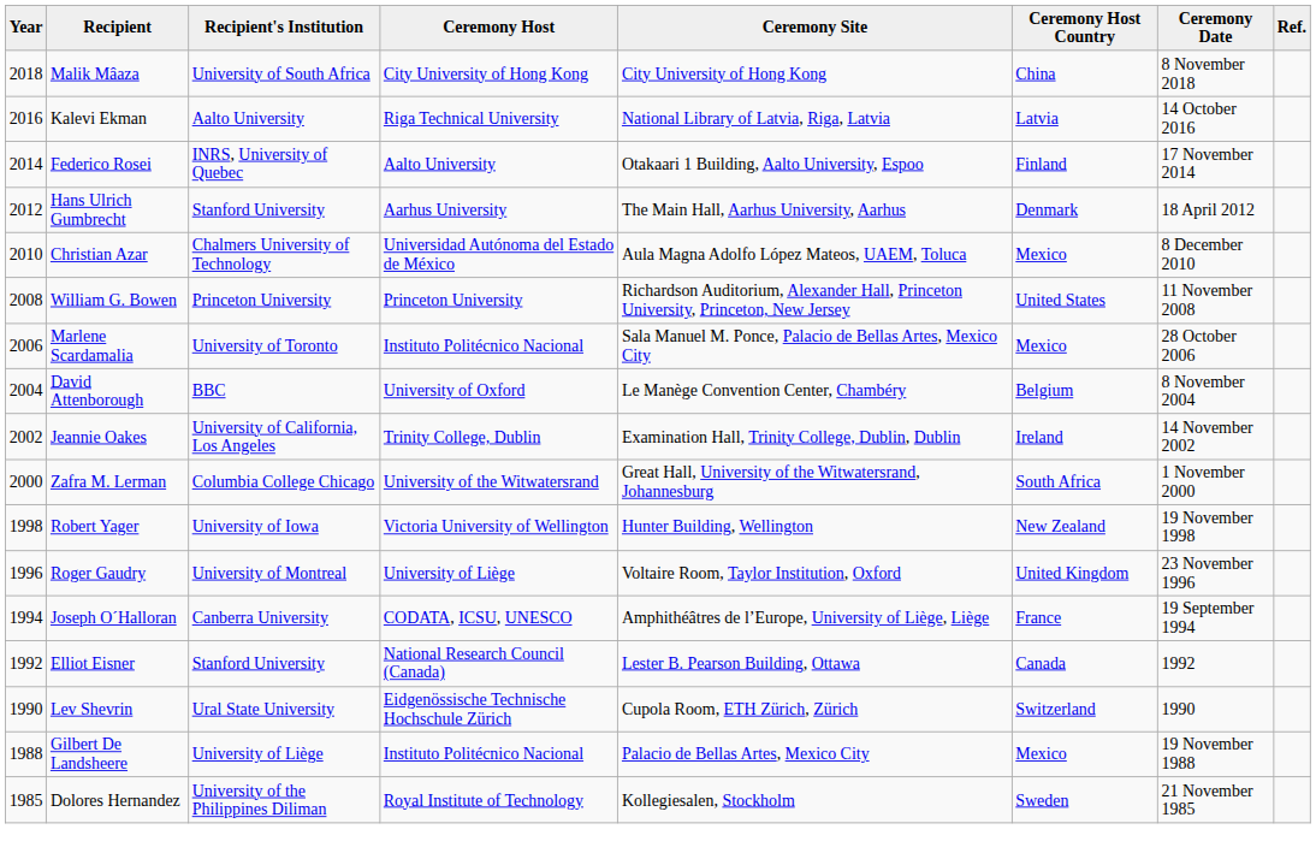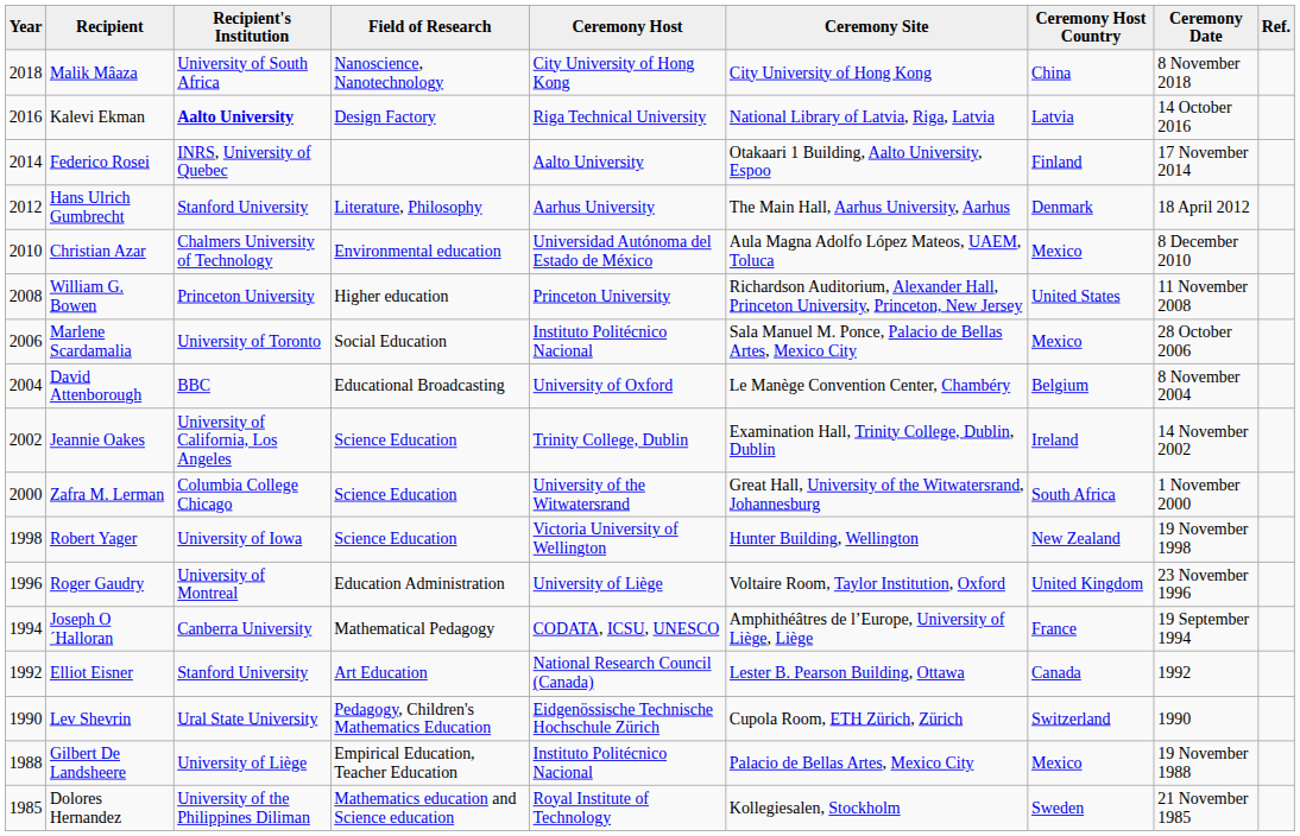 <table class="wikitable sortable">
 <tr>
 <th style="background:#efefef;">Year</th>
 <th style="background:#efefef;">Recipient</th>
 <th style="background:#efefef;">Recipient's Institution</th>
+<th style="background:#efefef;">Field of Research</th>
 <th style="background:#efefef;">Ceremony Host</th>
 <th style="background:#efefef;">Ceremony Site</th>
 <th style="background:#efefef;">Ceremony Host Country</th>
 <th style="background:#efefef;">Ceremony Date</th>
 <th style="background:#efefef;" class="unsortable">Ref.</th>
 </tr>
 <tr>
 <td style="text-align:center;">2018</td>
 <td><a href='#'>Malik Mâaza</a></td>
 <td><a href='#'>University of South Africa</a></td>
+<td><a href='#'>Nanoscience</a>, <a href='#'>Nanotechnology</a></td>
 <td><a href='#'>City University of Hong Kong</a></td>
 <td><a href='#'>City University of Hong Kong</a></td>
 <td> <a href='#'>China</a></td>
 <td>8 November 2018</td>
 <td><br> </td>
 </tr>
 <tr>
 <td style="text-align:center;">2016</td>
 <td>Kalevi Ekman</td>
-<td><a href='#'>Aalto University</a></td>
+<td><strong><a href='#'>Aalto University</a></strong></td>
+<td><a href='#'>Design Factory</a></td>
 <td><a href='#'>Riga Technical University</a></td>
 <td><a href='#'>National Library of Latvia</a>, <a href='#'>Riga</a>, <a href='#'>Latvia</a></td>
 <td> <a href='#'>Latvia</a></td>
 <td>14 October 2016</td>
 <td></td>
 </tr>
 <tr>
 <td style="text-align:center;">2014</td>
 <td><a href='#'>Federico Rosei</a></td>
 <td><a href='#'>INRS</a>, <a href='#'>University of Quebec</a></td>
+<td></td>
 <td><a href='#'>Aalto University</a></td>
 <td>Otakaari 1 Building, <a href='#'>Aalto University</a>, <a href='#'>Espoo</a></td>
 <td> <a href='#'>Finland</a></td>
 <td>17 November 2014</td>
 <td></td>
 </tr>
 <tr>
 <td style="text-align:center;">2012</td>
 <td><a href='#'>Hans Ulrich Gumbrecht</a></td>
 <td><a href='#'>Stanford University</a></td>
+<td><a href='#'>Literature</a>, <a href='#'>Philosophy</a></td>
 <td><a href='#'>Aarhus University</a></td>
 <td>The Main Hall, <a href='#'>Aarhus University</a>, <a href='#'>Aarhus</a></td>
 <td> <a href='#'>Denmark</a></td>
 <td>18 April 2012</td>
 <td></td>
 </tr>
 <tr>
 <td style="text-align:center;">2010</td>
 <td><a href='#'>Christian Azar</a></td>
 <td><a href='#'>Chalmers University of Technology</a></td>
+<td><a href='#'>Environmental education</a></td>
 <td><a href='#'>Universidad Autónoma del Estado de México</a></td>
 <td>Aula Magna Adolfo López Mateos, <a href='#'>UAEM</a>, <a href='#'>Toluca</a></td>
 <td> <a href='#'>Mexico</a></td>
 <td>8 December 2010</td>
 <td></td>
 </tr>
 <tr>
 <td style="text-align:center;">2008</td>
 <td><a href='#'>William G. Bowen</a></td>
 <td><a href='#'>Princeton University</a></td>
+<td>Higher education</td>
 <td><a href='#'>Princeton University</a></td>
 <td>Richardson Auditorium, <a href='#'>Alexander Hall</a>, <a href='#'>Princeton University</a>, <a href='#'>Princeton, New Jersey</a></td>
 <td> <a href='#'>United States</a></td>
 <td>11 November 2008</td>
 <td></td>
 </tr>
 <tr>
 <td style="text-align:center;">2006</td>
 <td><a href='#'>Marlene Scardamalia</a></td>
 <td><a href='#'>University of Toronto</a></td>
+<td>Social Education</td>
 <td><a href='#'>Instituto Politécnico Nacional</a></td>
 <td>Sala Manuel M. Ponce, <a href='#'>Palacio de Bellas Artes</a>, <a href='#'>Mexico City</a></td>
 <td> <a href='#'>Mexico</a></td>
 <td>28 October 2006</td>
 <td></td>
 </tr>
 <tr>
 <td style="text-align:center;">2004</td>
 <td><a href='#'>David Attenborough</a></td>
 <td><a href='#'>BBC</a></td>
+<td>Educational Broadcasting</td>
 <td><a href='#'>University of Oxford</a></td>
 <td>Le Manège Convention Center, <a href='#'>Chambéry</a></td>
 <td> <a href='#'>Belgium</a></td>
 <td>8 November 2004</td>
 <td></td>
 </tr>
 <tr>
 <td style="text-align:center;">2002</td>
 <td><a href='#'>Jeannie Oakes</a></td>
 <td><a href='#'>University of California, Los Angeles</a></td>
+<td><a href='#'>Science Education</a></td>
 <td><a href='#'>Trinity College, Dublin</a></td>
 <td>Examination Hall, <a href='#'>Trinity College, Dublin</a>, <a href='#'>Dublin</a></td>
 <td> <a href='#'>Ireland</a></td>
 <td>14 November 2002</td>
 <td></td>
 </tr>
 <tr>
 <td style="text-align:center;">2000</td>
 <td><a href='#'>Zafra M. Lerman</a></td>
 <td><a href='#'>Columbia College Chicago</a></td>
+<td><a href='#'>Science Education</a></td>
 <td><a href='#'>University of the Witwatersrand</a></td>
 <td>Great Hall, <a href='#'>University of the Witwatersrand</a>, <a href='#'>Johannesburg</a></td>
 <td> <a href='#'>South Africa</a></td>
 <td>1 November 2000</td>
 <td></td>
 </tr>
 <tr>
 <td style="text-align:center;">1998</td>
 <td><a href='#'>Robert Yager</a></td>
 <td><a href='#'>University of Iowa</a></td>
+<td><a href='#'>Science Education</a></td>
 <td><a href='#'>Victoria University of Wellington</a></td>
 <td><a href='#'>Hunter Building</a>, <a href='#'>Wellington</a></td>
 <td> <a href='#'>New Zealand</a></td>
 <td>19 November 1998</td>
 <td></td>
 </tr>
 <tr>
 <td style="text-align:center;">1996</td>
 <td><a href='#'>Roger Gaudry</a></td>
 <td><a href='#'>University of Montreal</a></td>
+<td>Education Administration</td>
 <td><a href='#'>University of Liège</a></td>
 <td>Voltaire Room, <a href='#'>Taylor Institution</a>, <a href='#'>Oxford</a></td>
 <td> <a href='#'>United Kingdom</a></td>
 <td>23 November 1996</td>
 <td></td>
 </tr>
 <tr>
 <td style="text-align:center;">1994</td>
 <td><a href='#'>Joseph O´Halloran</a></td>
 <td><a href='#'>Canberra University</a></td>
+<td>Mathematical Pedagogy</td>
 <td><a href='#'>CODATA</a>, <a href='#'>ICSU</a>, <a href='#'>UNESCO</a></td>
 <td>Amphithéâtres de l’Europe, <a href='#'>University of Liège</a>, <a href='#'>Liège</a></td>
 <td> <a href='#'>France</a></td>
 <td>19 September 1994</td>
 <td></td>
 </tr>
 <tr>
 <td style="text-align:center;">1992</td>
 <td><a href='#'>Elliot Eisner</a></td>
 <td><a href='#'>Stanford University</a></td>
+<td><a href='#'>Art Education</a></td>
 <td><a href='#'>National Research Council (Canada)</a></td>
 <td><a href='#'>Lester B. Pearson Building</a>, <a href='#'>Ottawa</a></td>
 <td> <a href='#'>Canada</a></td>
 <td>1992</td>
 <td></td>
 </tr>
 <tr>
 <td style="text-align:center;">1990</td>
 <td><a href='#'>Lev Shevrin</a></td>
 <td><a href='#'>Ural State University</a></td>
+<td><a href='#'>Pedagogy</a>, Children's <a href='#'>Mathematics Education</a></td>
 <td><a href='#'>Eidgenössische Technische Hochschule Zürich</a></td>
 <td>Cupola Room, <a href='#'>ETH Zürich</a>, <a href='#'>Zürich</a></td>
 <td> <a href='#'>Switzerland</a></td>
 <td>1990</td>
 <td></td>
 </tr>
 <tr>
 <td style="text-align:center;">1988</td>
 <td><a href='#'>Gilbert De Landsheere</a></td>
 <td><a href='#'>University of Liège</a></td>
+<td>Empirical Education, Teacher Education</td>
 <td><a href='#'>Instituto Politécnico Nacional</a></td>
 <td><a href='#'>Palacio de Bellas Artes</a>, <a href='#'>Mexico City</a></td>
 <td> <a href='#'>Mexico</a></td>
 <td>19 November 1988</td>
 <td></td>
 </tr>
 <tr>
 <td style="text-align:center;">1985</td>
 <td>Dolores Hernandez</td>
 <td><a href='#'>University of the Philippines Diliman</a></td>
+<td><a href='#'>Mathematics education</a> and <a href='#'>Science education</a></td>
 <td><a href='#'>Royal Institute of Technology</a></td>
 <td>Kollegiesalen, <a href='#'>Stockholm</a></td>
 <td> <a href='#'>Sweden</a></td>
 <td>21 November 1985</td>
 <td></td>
 </tr>
 </table>
